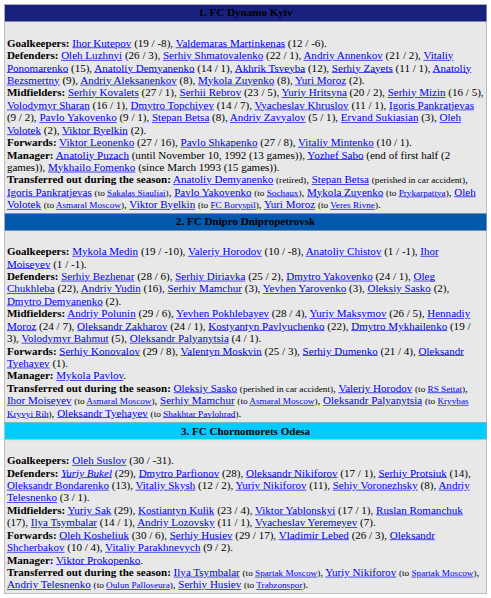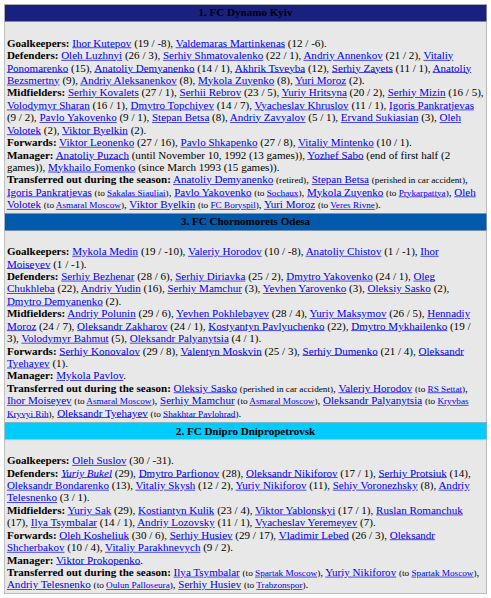 <table class="wikitable" style="width:700px;">
 <tr style="background:#19217f;">
 <td style="text-align:center; width:700px;"><span> <strong>1. FC Dynamo Kyiv</strong> </span></td>
 </tr>
 <tr style="background:#e8e8e8;">
 <td style="text-align:left; width:700px;"><br><strong>Goalkeepers:</strong> <a href='#'>Ihor Kutepov</a> (19 / -8), <a href='#'>Valdemaras Martinkenas</a> (12 / -6).<br> <strong>Defenders:</strong> <a href='#'>Oleh Luzhnyi</a> (26 / 3), <a href='#'>Serhiy Shmatovalenko</a> (22 / 1), <a href='#'>Andriy Annenkov</a> (21 / 2), <a href='#'>Vitaliy Ponomarenko</a> (15), <a href='#'>Anatoliy Demyanenko</a> (14 / 1), <a href='#'>Akhrik Tsveyba</a> (12), <a href='#'>Serhiy Zayets</a> (11 / 1), <a href='#'>Anatoliy Bezsmertny</a> (9), <a href='#'>Andriy Aleksanenkov</a> (8), <a href='#'>Mykola Zuyenko</a> (8), <a href='#'>Yuri Moroz</a> (2).<br> <strong>Midfielders:</strong> <a href='#'>Serhiy Kovalets</a> (27 / 1), <a href='#'>Serhii Rebrov</a> (23 / 5), <a href='#'>Yuriy Hritsyna</a> (20 / 2), <a href='#'>Serhiy Mizin</a> (16 / 5), <a href='#'>Volodymyr Sharan</a> (16 / 1), <a href='#'>Dmytro Topchiyev</a> (14 / 7), <a href='#'>Vyacheslav Khruslov</a> (11 / 1), <a href='#'>Igoris Pankratjevas</a> (9 / 2), <a href='#'>Pavlo Yakovenko</a> (9 / 1), <a href='#'>Stepan Betsa</a> (8), <a href='#'>Andriy Zavyalov</a> (5 / 1), <a href='#'>Ervand Sukiasian</a> (3), <a href='#'>Oleh Volotek</a> (2), <a href='#'>Viktor Byelkin</a> (2).<br> <strong>Forwards:</strong> <a href='#'>Viktor Leonenko</a> (27 / 16), <a href='#'>Pavlo Shkapenko</a> (27 / 8), <a href='#'>Vitaliy Mintenko</a> (10 / 1).<br><strong>Manager:</strong> <a href='#'>Anatoliy Puzach</a> (until November 10, 1992 (13 games)), <a href='#'>Yozhef Sabo</a> (end of first half (2 games)), <a href='#'>Mykhailo Fomenko</a> (since March 1993 (15 games)).<br><strong>Transferred out during the season:</strong> <a href='#'>Anatoliy Demyanenko</a> <small>(retired)</small>, <a href='#'>Stepan Betsa</a> <small>(perished in car accident)</small>, <a href='#'>Igoris Pankratjevas</a> <small>(to  <a href='#'>Sakalas Siauliai</a>)</small>, <a href='#'>Pavlo Yakovenko</a> <small>(to  <a href='#'>Sochaux</a>)</small>, <a href='#'>Mykola Zuyenko</a> <small>(to <a href='#'>Prykarpattya</a>)</small>, <a href='#'>Oleh Volotek</a> <small>(to  <a href='#'>Asmaral Moscow</a>)</small>, <a href='#'>Viktor Byelkin</a> <small>(to <a href='#'>FC Boryspil</a>)</small>, <a href='#'>Yuri Moroz</a> <small>(to <a href='#'>Veres Rivne</a>)</small>.</td>
 </tr>
 <tr style="background:#0359ac;">
-<td style="text-align:center; width:700px;"><span> <strong>2. FC Dnipro Dnipropetrovsk</strong> </span></td>
+<td style="text-align:center; width:700px;"><span> <strong>3. FC Chornomorets Odesa</strong> </span></td>
 </tr>
 <tr style="background:#e8e8e8;">
 <td style="text-align:left; width:700px;"><br><strong>Goalkeepers:</strong> <a href='#'>Mykola Medin</a> (19 / -10), <a href='#'>Valeriy Horodov</a> (10 / -8), <a href='#'>Anatoliy Chistov</a> (1 / -1), <a href='#'>Ihor Moiseyev</a> (1 / -1).<br> <strong>Defenders:</strong> <a href='#'>Serhiy Bezhenar</a> (28 / 6), <a href='#'>Serhiy Diriavka</a> (25 / 2), <a href='#'>Dmytro Yakovenko</a> (24 / 1), <a href='#'>Oleg Chukhleba</a> (22), <a href='#'>Andriy Yudin</a> (16), <a href='#'>Serhiy Mamchur</a> (3), <a href='#'>Yevhen Yarovenko</a> (3), <a href='#'>Oleksiy Sasko</a> (2), <a href='#'>Dmytro Demyanenko</a> (2).<br> <strong>Midfielders:</strong> <a href='#'>Andriy Polunin</a> (29 / 6), <a href='#'>Yevhen Pokhlebayev</a> (28 / 4), <a href='#'>Yuriy Maksymov</a> (26 / 5), <a href='#'>Hennadiy Moroz</a> (24 / 7), <a href='#'>Oleksandr Zakharov</a> (24 / 1), <a href='#'>Kostyantyn Pavlyuchenko</a> (22), <a href='#'>Dmytro Mykhailenko</a> (19 / 3), <a href='#'>Volodymyr Bahmut</a> (5), <a href='#'>Oleksandr Palyanytsia</a> (4 / 1).<br> <strong>Forwards:</strong> <a href='#'>Serhiy Konovalov</a> (29 / 8), <a href='#'>Valentyn Moskvin</a> (25 / 3), <a href='#'>Serhiy Dumenko</a> (21 / 4), <a href='#'>Oleksandr Tyehayev</a> (1).<br><strong>Manager:</strong> <a href='#'>Mykola Pavlov</a>.<br><strong>Transferred out during the season:</strong> <a href='#'>Oleksiy Sasko</a> <small>(perished in car accident)</small>, <a href='#'>Valeriy Horodov</a> <small>(to  <a href='#'>RS Settat</a>)</small>, <a href='#'>Ihor Moiseyev</a> <small>(to  <a href='#'>Asmaral Moscow</a>)</small>, <a href='#'>Serhiy Mamchur</a> <small>(to  <a href='#'>Asmaral Moscow</a>)</small>, <a href='#'>Oleksandr Palyanytsia</a> <small>(to <a href='#'>Kryvbas Kryvyi Rih</a>)</small>, <a href='#'>Oleksandr Tyehayev</a> <small>(to <a href='#'>Shakhtar Pavlohrad</a>)</small>.</td>
 </tr>
 <tr style="background:#0cf;">
-<td style="text-align:center; width:700px;"><span> <strong>3. FC Chornomorets Odesa</strong> </span></td>
+<td style="text-align:center; width:700px;"><span> <strong>2. FC Dnipro Dnipropetrovsk</strong> </span></td>
 </tr>
 <tr style="background:#e8e8e8;">
 <td style="text-align:left; width:700px;"><br><strong>Goalkeepers:</strong> <a href='#'>Oleh Suslov</a> (30 / -31).<br> <strong>Defenders:</strong> <em><a href='#'>Yuriy Bukel</a></em> (29), <a href='#'>Dmytro Parfionov</a> (28), <a href='#'>Oleksandr Nikiforov</a> (17 / 1), <a href='#'>Serhiy Protsiuk</a> (14), <a href='#'>Oleksandr Bondarenko</a> (13), <a href='#'>Vitaliy Skysh</a> (12 / 2), <a href='#'>Yuriy Nikiforov</a> (11), <a href='#'>Sehiy Voronezhsky</a> (8), <a href='#'>Andriy Telesnenko</a> (3 / 1).<br> <strong>Midfielders:</strong> <a href='#'>Yuriy Sak</a> (29), <a href='#'>Kostiantyn Kulik</a> (23 / 4), <a href='#'>Viktor Yablonskyi</a> (17 / 1), <a href='#'>Ruslan Romanchuk</a> (17), <a href='#'>Ilya Tsymbalar</a> (14 / 1), <a href='#'>Andriy Lozovsky</a> (11 / 1), <a href='#'>Vyacheslav Yeremeyev</a> (7).<br> <strong>Forwards:</strong> <a href='#'>Oleh Kosheliuk</a> (30 / 6), <a href='#'>Serhiy Husiev</a> (29 / 17), <a href='#'>Vladimir Lebed</a> (26 / 3), <a href='#'>Oleksandr Shcherbakov</a> (10 / 4), <a href='#'>Vitaliy Parakhnevych</a> (9 / 2).<br><strong>Manager:</strong> <a href='#'>Viktor Prokopenko</a>.<br><strong>Transferred out during the season:</strong> <a href='#'>Ilya Tsymbalar</a> <small>(to  <a href='#'>Spartak Moscow</a>)</small>, <a href='#'>Yuriy Nikiforov</a> <small>(to  <a href='#'>Spartak Moscow</a>)</small>, <a href='#'>Andriy Telesnenko</a> <small>(to  <a href='#'>Oulun Palloseura</a>)</small>, <a href='#'>Serhiy Husiev</a> <small>(to  <a href='#'>Trabzonspor</a>)</small>.</td>
 </tr>
 </table>
